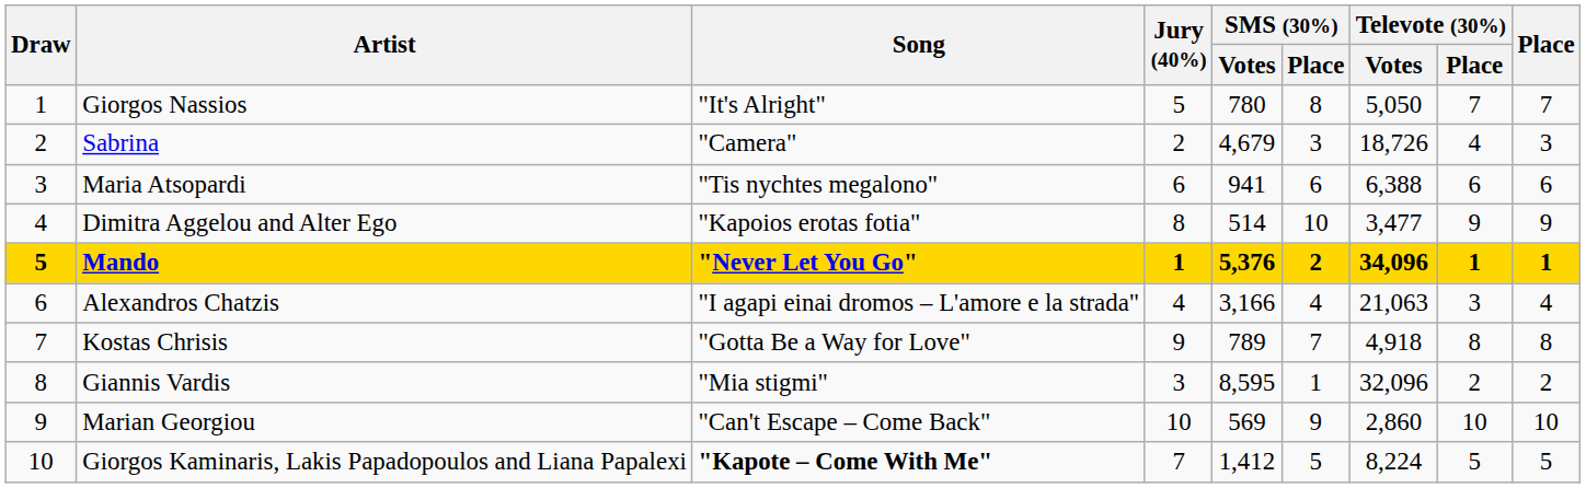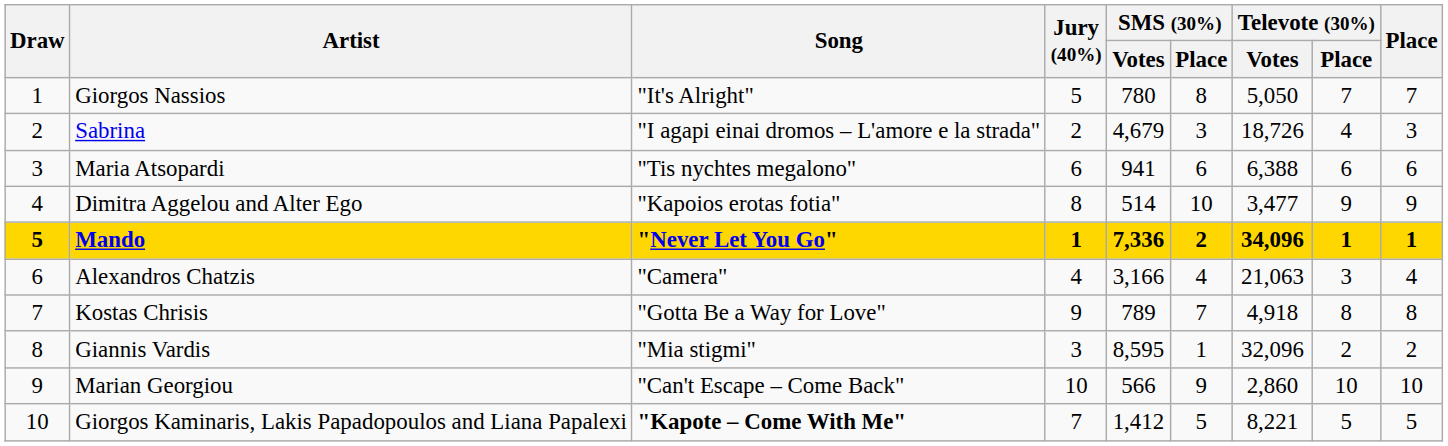 <table class="sortable wikitable" style="margin: 1em auto 1em auto; text-align:center">
 <tr>
 <th rowspan="2">Draw</th>
 <th rowspan="2">Artist</th>
 <th rowspan="2">Song</th>
 <th rowspan="2">Jury<br><small>(40%)</small></th>
 <th colspan="2">SMS <small>(30%)</small></th>
 <th colspan="2">Televote <small>(30%)</small></th>
 <th rowspan="2">Place</th>
 </tr>
 <tr>
 <th>Votes</th>
 <th>Place</th>
 <th>Votes</th>
 <th>Place</th>
 </tr>
 <tr>
 <td>1</td>
 <td align="left">Giorgos Nassios</td>
 <td align="left">"It's Alright"</td>
 <td>5</td>
 <td>780</td>
 <td>8</td>
 <td>5,050</td>
 <td>7</td>
 <td>7</td>
 </tr>
 <tr>
 <td>2</td>
 <td align="left"><a href='#'>Sabrina</a></td>
-<td align="left">"Camera"</td>
+<td align="left">"I agapi einai dromos – L'amore e la strada" </td>
 <td>2</td>
 <td>4,679</td>
 <td>3</td>
 <td>18,726</td>
 <td>4</td>
 <td>3</td>
 </tr>
 <tr>
 <td>3</td>
 <td align="left">Maria Atsopardi</td>
 <td align="left">"Tis nychtes megalono" </td>
 <td>6</td>
 <td>941</td>
 <td>6</td>
 <td>6,388</td>
 <td>6</td>
 <td>6</td>
 </tr>
 <tr>
 <td>4</td>
 <td align="left">Dimitra Aggelou and Alter Ego</td>
 <td align="left">"Kapoios erotas fotia" </td>
 <td>8</td>
 <td>514</td>
 <td>10</td>
 <td>3,477</td>
 <td>9</td>
 <td>9</td>
 </tr>
 <tr style="font-weight:bold;background:gold;">
 <td>5</td>
 <td align="left"><a href='#'>Mando</a></td>
 <td align="left">"<a href='#'>Never Let You Go</a>"</td>
 <td>1</td>
-<td>5,376</td>
+<td>7,336</td>
 <td>2</td>
 <td>34,096</td>
 <td>1</td>
 <td>1</td>
 </tr>
 <tr>
 <td>6</td>
 <td align="left">Alexandros Chatzis</td>
-<td align="left">"I agapi einai dromos – L'amore e la strada" </td>
+<td align="left">"Camera"</td>
 <td>4</td>
 <td>3,166</td>
 <td>4</td>
 <td>21,063</td>
 <td>3</td>
 <td>4</td>
 </tr>
 <tr>
 <td>7</td>
 <td align="left">Kostas Chrisis</td>
 <td align="left">"Gotta Be a Way for Love"</td>
 <td>9</td>
 <td>789</td>
 <td>7</td>
 <td>4,918</td>
 <td>8</td>
 <td>8</td>
 </tr>
 <tr>
 <td>8</td>
 <td align="left">Giannis Vardis</td>
 <td align="left">"Mia stigmi" </td>
 <td>3</td>
 <td>8,595</td>
 <td>1</td>
 <td>32,096</td>
 <td>2</td>
 <td>2</td>
 </tr>
 <tr>
 <td>9</td>
 <td align="left">Marian Georgiou</td>
 <td align="left">"Can't Escape – Come Back"</td>
 <td>10</td>
-<td>569</td>
+<td>566</td>
 <td>9</td>
 <td>2,860</td>
 <td>10</td>
 <td>10</td>
 </tr>
 <tr>
 <td>10</td>
 <td align="left">Giorgos Kaminaris, Lakis Papadopoulos and Liana Papalexi</td>
 <td align="left"><strong>"Kapote – Come With Me" </strong></td>
 <td>7</td>
 <td>1,412</td>
 <td>5</td>
-<td>8,224</td>
+<td>8,221</td>
 <td>5</td>
 <td>5</td>
 </tr>
 </table>
